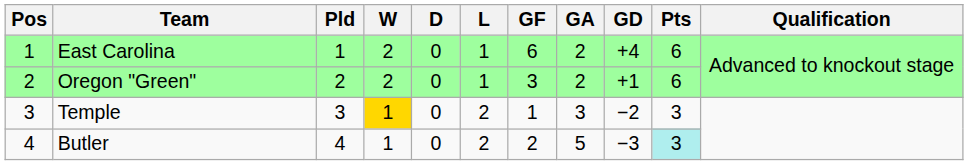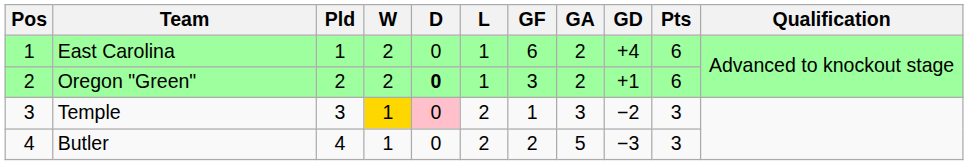 <table class="wikitable" style="text-align:center; margin: 1em auto">
 <tr>
 <th style="width:2em">Pos</th>
 <th style="width:13em">Team</th>
 <th style="width:2em">Pld</th>
 <th style="width:2em">W</th>
 <th style="width:2em">D</th>
 <th style="width:2em">L</th>
 <th style="width:2em">GF</th>
 <th style="width:2em">GA</th>
 <th style="width:2em">GD</th>
 <th style="width:2em">Pts</th>
 <th style="width:13em">Qualification</th>
 </tr>
 <tr bgcolor="#9eff9e">
 <td>1</td>
 <td style="text-align:left">East Carolina</td>
 <td>1</td>
 <td>2</td>
 <td>0</td>
 <td>1</td>
 <td>6</td>
 <td>2</td>
 <td>+4</td>
 <td>6</td>
 <td rowspan="2">Advanced to knockout stage</td>
 </tr>
 <tr bgcolor="#9eff9e">
 <td>2</td>
 <td style="text-align:left">Oregon "Green"</td>
 <td>2</td>
 <td>2</td>
-<td>0</td>
+<td><strong>0</strong></td>
 <td>1</td>
 <td>3</td>
 <td>2</td>
 <td>+1</td>
 <td>6</td>
 </tr>
 <tr>
 <td>3</td>
 <td style="text-align:left">Temple</td>
 <td>3</td>
 <td style="background: gold;">1</td>
-<td>0</td>
+<td style="background: pink;">0</td>
 <td>2</td>
 <td>1</td>
 <td>3</td>
 <td>−2</td>
 <td>3</td>
 <td rowspan="2"></td>
 </tr>
 <tr>
 <td>4</td>
 <td style="text-align:left">Butler</td>
 <td>4</td>
 <td>1</td>
 <td>0</td>
 <td>2</td>
 <td>2</td>
 <td>5</td>
 <td>−3</td>
-<td style="background: paleturquoise;">3</td>
+<td>3</td>
 </tr>
 </table>
